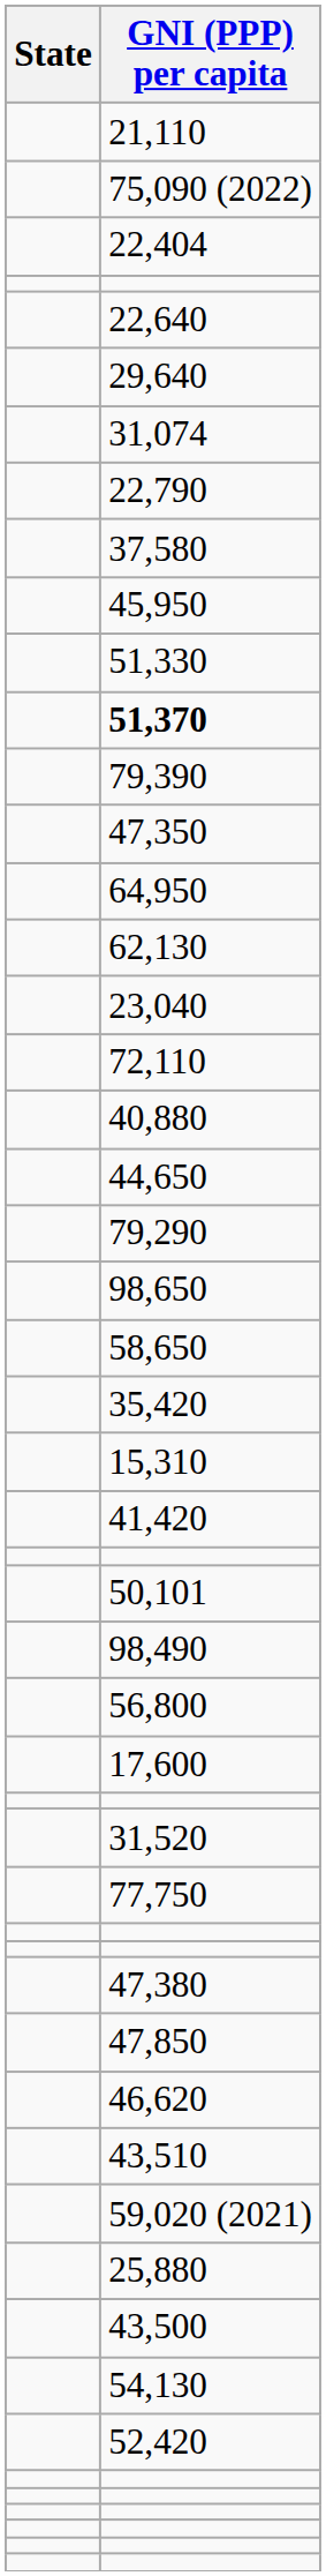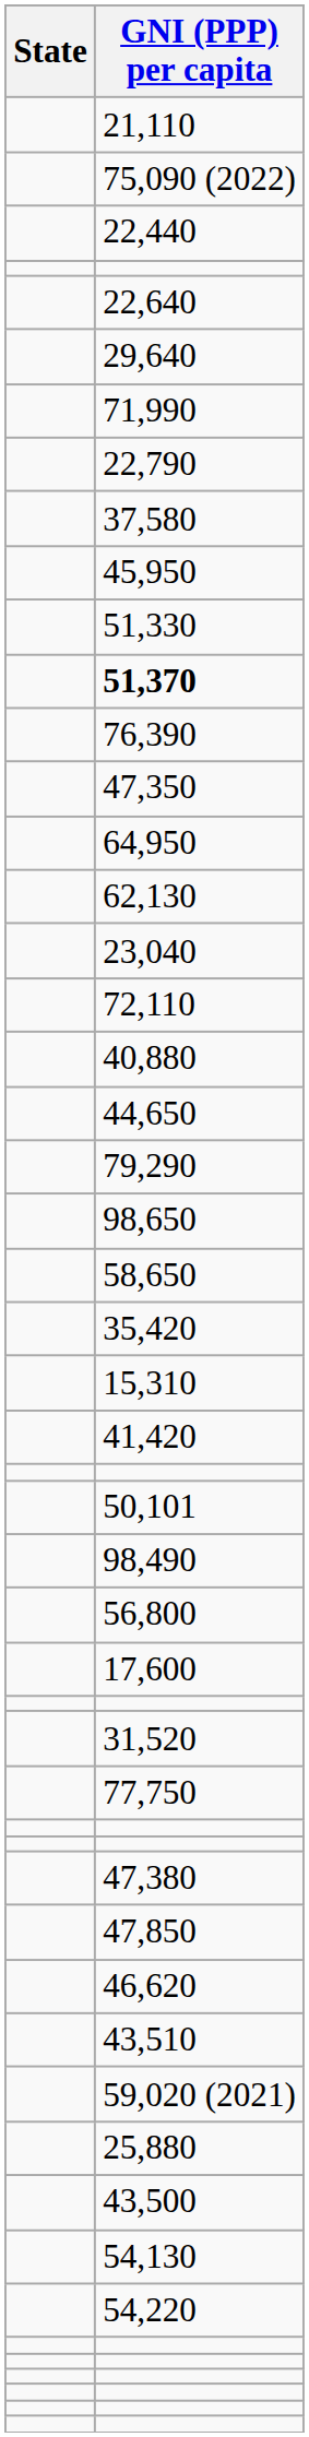 <table class="sortable wikitable sticky-header static-row-numbers col1left" >
 <tr>
 <th>State</th>
 <th><a href='#'>GNI (PPP)<br>per capita</a></th>
 </tr>
 <tr>
 <td></td>
 <td>21,110</td>
 </tr>
 <tr>
 <td></td>
 <td>75,090 (2022)</td>
 </tr>
 <tr>
 <td></td>
-<td>22,404</td>
+<td>22,440</td>
 </tr>
 <tr>
 <td></td>
 <td></td>
 </tr>
 <tr>
 <td></td>
 <td>22,640</td>
 </tr>
 <tr>
 <td></td>
 <td>29,640</td>
 </tr>
 <tr>
 <td></td>
-<td>31,074</td>
+<td>71,990</td>
 </tr>
 <tr>
 <td></td>
 <td>22,790</td>
 </tr>
 <tr>
 <td></td>
 <td>37,580</td>
 </tr>
 <tr>
 <td></td>
 <td>45,950</td>
 </tr>
 <tr>
 <td></td>
 <td>51,330</td>
 </tr>
 <tr>
 <td></td>
 <td><strong>51,370</strong></td>
 </tr>
 <tr>
 <td></td>
-<td>79,390</td>
+<td>76,390</td>
 </tr>
 <tr>
 <td></td>
 <td>47,350</td>
 </tr>
 <tr>
 <td></td>
 <td>64,950</td>
 </tr>
 <tr>
 <td></td>
 <td>62,130</td>
 </tr>
 <tr>
 <td></td>
 <td>23,040</td>
 </tr>
 <tr>
 <td></td>
 <td>72,110</td>
 </tr>
 <tr>
 <td></td>
 <td>40,880</td>
 </tr>
 <tr>
 <td></td>
 <td>44,650</td>
 </tr>
 <tr>
 <td></td>
 <td>79,290</td>
 </tr>
 <tr>
 <td></td>
 <td>98,650</td>
 </tr>
 <tr>
 <td></td>
 <td>58,650</td>
 </tr>
 <tr>
 <td></td>
 <td>35,420</td>
 </tr>
 <tr>
 <td></td>
 <td>15,310</td>
 </tr>
 <tr>
 <td></td>
 <td>41,420</td>
 </tr>
 <tr>
 <td></td>
 <td></td>
 </tr>
 <tr>
 <td></td>
 <td>50,101</td>
 </tr>
 <tr>
 <td></td>
 <td>98,490</td>
 </tr>
 <tr>
 <td></td>
 <td>56,800</td>
 </tr>
 <tr>
 <td></td>
 <td>17,600</td>
 </tr>
 <tr>
 <td></td>
 <td></td>
 </tr>
 <tr>
 <td></td>
 <td>31,520</td>
 </tr>
 <tr>
 <td></td>
 <td>77,750</td>
 </tr>
 <tr>
 <td></td>
 <td></td>
 </tr>
 <tr>
 <td></td>
 <td></td>
 </tr>
 <tr>
 <td></td>
 <td>47,380</td>
 </tr>
 <tr>
 <td></td>
 <td>47,850</td>
 </tr>
 <tr>
 <td></td>
 <td>46,620</td>
 </tr>
 <tr>
 <td></td>
 <td>43,510</td>
 </tr>
 <tr>
 <td></td>
 <td>59,020 (2021)</td>
 </tr>
 <tr>
 <td></td>
 <td>25,880</td>
 </tr>
 <tr>
 <td></td>
 <td>43,500</td>
 </tr>
 <tr>
 <td></td>
 <td>54,130</td>
 </tr>
 <tr>
 <td></td>
-<td>52,420</td>
+<td>54,220</td>
 </tr>
 <tr>
 <td></td>
 <td></td>
 </tr>
 <tr>
 <td></td>
 <td></td>
 </tr>
 <tr>
 <td></td>
 <td></td>
 </tr>
 <tr>
 <td></td>
 <td></td>
 </tr>
 <tr>
 <td></td>
 <td></td>
 </tr>
 <tr>
 <td></td>
 <td></td>
 </tr>
 </table>
